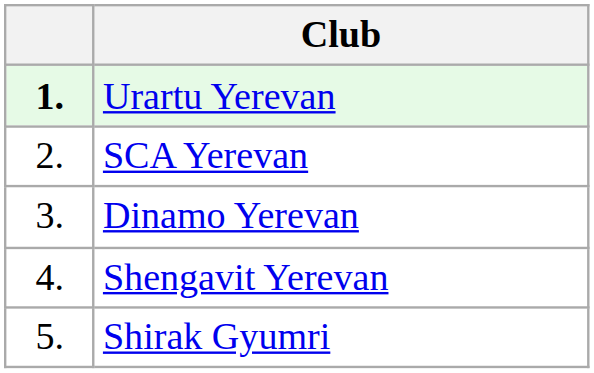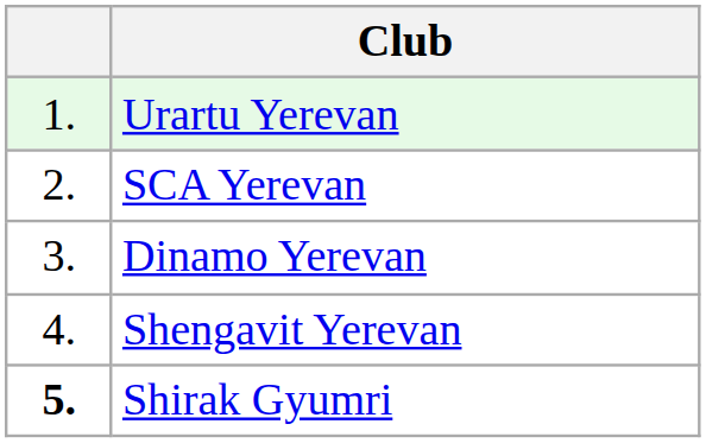 <table class="wikitable">
 <tr>
 <th width="30"></th>
 <th width="200">Club</th>
 </tr>
 <tr bgcolor="#e6fae6" align="center">
-<td><strong>1.</strong></td>
+<td>1.</td>
 <td align="left"><a href='#'>Urartu Yerevan</a></td>
 </tr>
 <tr bgcolor="#FFFFFF" align="center">
 <td>2.</td>
 <td align="left"><a href='#'>SCA Yerevan</a></td>
 </tr>
 <tr bgcolor="#FFFFFF" align="center">
 <td>3.</td>
 <td align="left"><a href='#'>Dinamo Yerevan</a></td>
 </tr>
 <tr bgcolor="#FFFFFF" align="center">
 <td>4.</td>
 <td align="left"><a href='#'>Shengavit Yerevan</a></td>
 </tr>
 <tr bgcolor="#FFFFFF" align="center">
-<td>5.</td>
+<td><strong>5.</strong></td>
 <td align="left"><a href='#'>Shirak Gyumri</a></td>
 </tr>
 </table>
